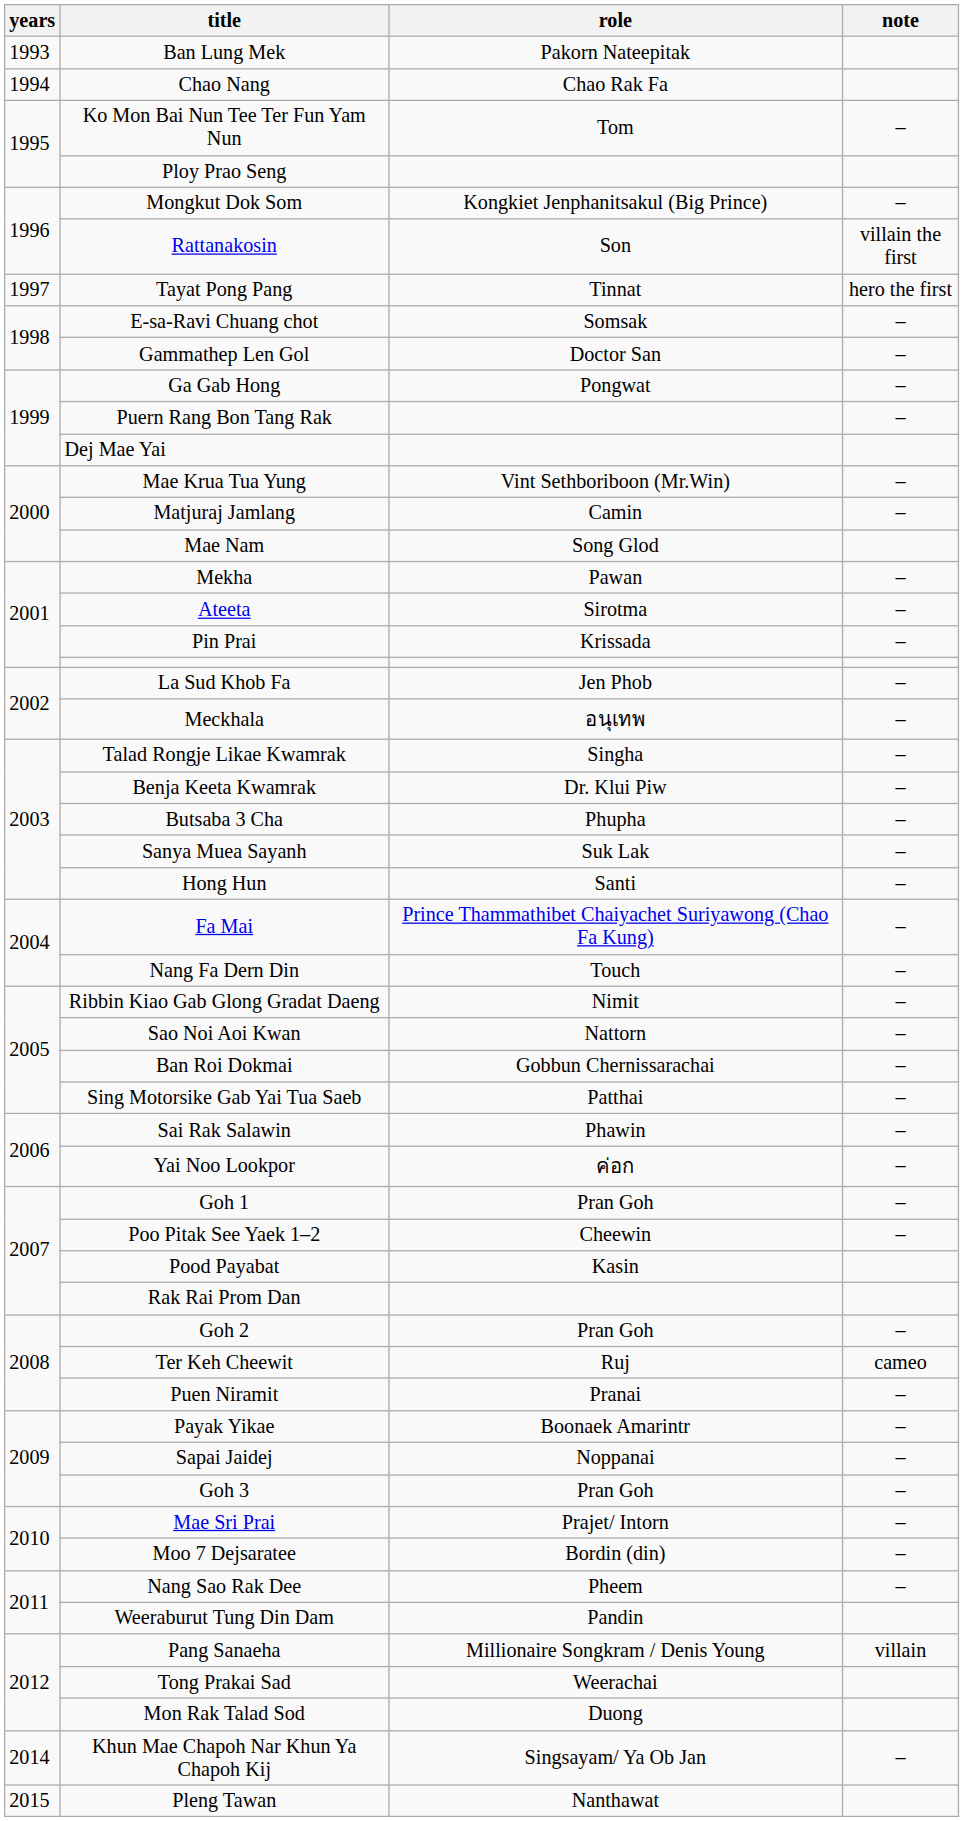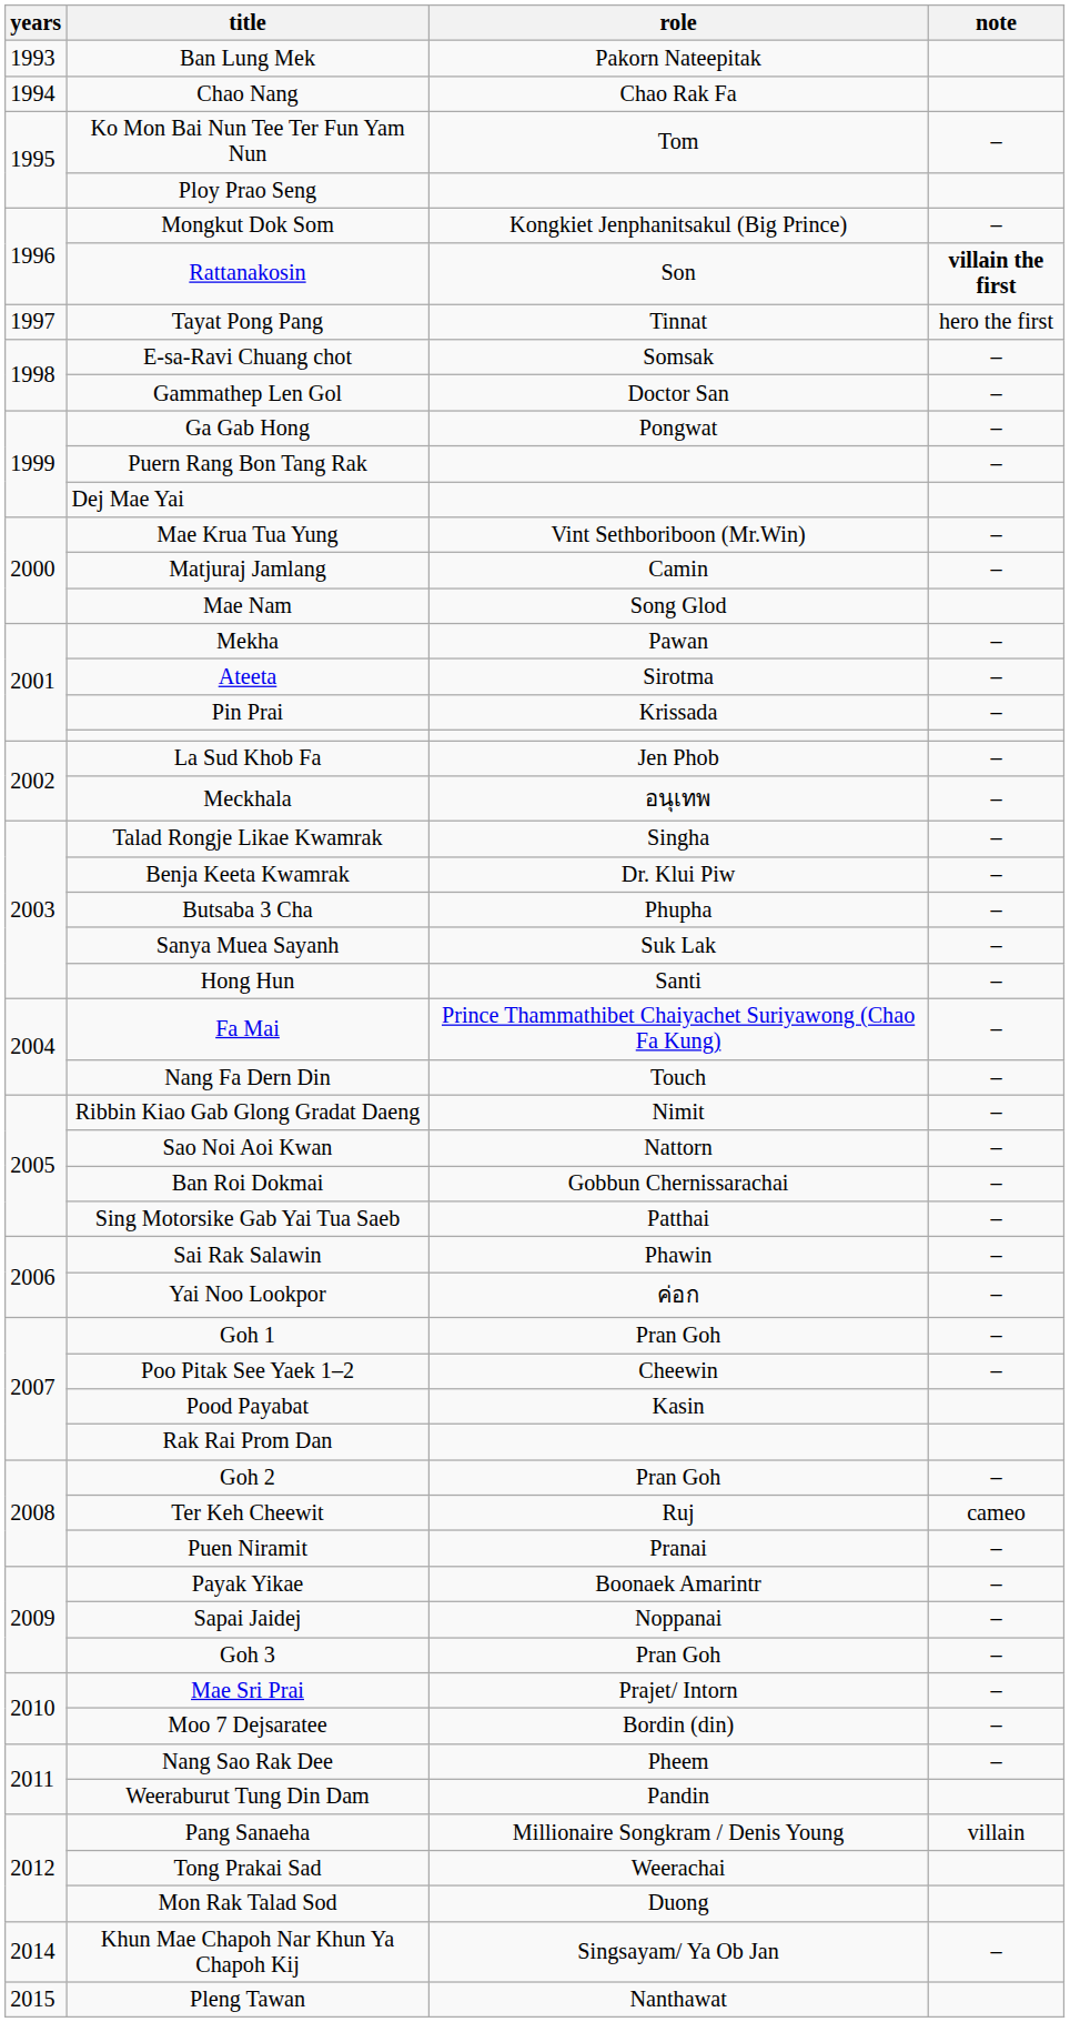 <table class="wikitable" width = 60%>
 <tr>
 <th>years</th>
 <th>title</th>
 <th>role</th>
 <th>note</th>
 </tr>
 <tr>
 <td>1993</td>
 <td align="center">Ban Lung Mek</td>
 <td align = "center">Pakorn Nateepitak</td>
 <td align = "center"></td>
 </tr>
 <tr>
 <td>1994</td>
 <td align="center">Chao Nang</td>
 <td align="center">Chao Rak Fa</td>
 <td align="center"></td>
 </tr>
 <tr>
 <td rowspan = "2">1995</td>
 <td align="center">Ko Mon Bai Nun Tee Ter Fun Yam Nun</td>
 <td align="center">Tom</td>
 <td align="center">–</td>
 </tr>
 <tr>
 <td align = "center">Ploy Prao Seng</td>
 <td align = "center"></td>
 <td align = "center"></td>
 </tr>
 <tr>
 <td rowspan = "2">1996</td>
 <td align = "center">Mongkut Dok Som</td>
 <td align="center">Kongkiet Jenphanitsakul (Big Prince)</td>
 <td align="center">–</td>
 </tr>
 <tr>
 <td align = "center"><a href='#'>Rattanakosin</a></td>
 <td align="center">Son</td>
-<td align="center">villain the first</td>
+<td align="center"><strong>villain the first</strong></td>
 </tr>
 <tr>
 <td rowspan = "1">1997</td>
 <td align="center">Tayat Pong Pang</td>
 <td align="center">Tinnat</td>
 <td align="center">hero the first</td>
 </tr>
 <tr>
 <td rowspan = "2">1998</td>
 <td align = "center">E-sa-Ravi Chuang chot</td>
 <td align="center">Somsak</td>
 <td align="center">–</td>
 </tr>
 <tr>
 <td align = "center">Gammathep Len Gol</td>
 <td align="center">Doctor San</td>
 <td align="center">–</td>
 </tr>
 <tr>
 <td rowspan = "3">1999</td>
 <td align="center">Ga Gab Hong</td>
 <td align="center">Pongwat</td>
 <td align="center">–</td>
 </tr>
 <tr>
 <td align = "center">Puern Rang Bon Tang Rak</td>
 <td align="center"></td>
 <td align="center">–</td>
 </tr>
 <tr>
 <td .align = "center">Dej Mae Yai</td>
 <td align = "center"></td>
 <td align = "center"></td>
 </tr>
 <tr>
 <td rowspan = "3">2000</td>
 <td align = "center">Mae Krua Tua Yung</td>
 <td align="center">Vint Sethboriboon (Mr.Win)</td>
 <td align="center">–</td>
 </tr>
 <tr>
 <td align = "center">Matjuraj Jamlang</td>
 <td align="center">Camin</td>
 <td align="center">–</td>
 </tr>
 <tr>
 <td align="center">Mae Nam</td>
 <td align="center">Song Glod</td>
 <td align="center"></td>
 </tr>
 <tr>
 <td rowspan = "4">2001</td>
 <td align = "center">Mekha</td>
 <td align="center">Pawan</td>
 <td align="center">–</td>
 </tr>
 <tr>
 <td align = "center"><a href='#'>Ateeta</a></td>
 <td align="center">Sirotma</td>
 <td align="center">–</td>
 </tr>
 <tr>
 <td align = "center">Pin Prai</td>
 <td align="center">Krissada</td>
 <td align="center">–</td>
 </tr>
 <tr>
 <td align = "Amazing Kok Charoen"></td>
 <td align = ""></td>
 <td align = ""></td>
 </tr>
 <tr>
 <td rowspan = "2">2002</td>
 <td align = "center">La Sud Khob Fa</td>
 <td align="center">Jen Phob</td>
 <td align="center">–</td>
 </tr>
 <tr>
 <td align = "center">Meckhala</td>
 <td align="center">อนุเทพ</td>
 <td align="center">–</td>
 </tr>
 <tr>
 <td rowspan = "5">2003</td>
 <td align = "center">Talad Rongje Likae Kwamrak</td>
 <td align="center">Singha</td>
 <td align="center">–</td>
 </tr>
 <tr>
 <td align = "center">Benja Keeta Kwamrak</td>
 <td align="center">Dr. Klui Piw</td>
 <td align="center">–</td>
 </tr>
 <tr>
 <td align = "center">Butsaba 3 Cha</td>
 <td align="center">Phupha</td>
 <td align="center">–</td>
 </tr>
 <tr>
 <td align = "center">Sanya Muea Sayanh</td>
 <td align="center">Suk Lak</td>
 <td align="center">–</td>
 </tr>
 <tr>
 <td align = "center">Hong Hun</td>
 <td align="center">Santi</td>
 <td align="center">–</td>
 </tr>
 <tr>
 <td rowspan = "2">2004</td>
 <td align = "center"><a href='#'>Fa Mai</a></td>
 <td align="center"><a href='#'>Prince Thammathibet Chaiyachet Suriyawong (Chao Fa Kung)</a></td>
 <td align="center">–</td>
 </tr>
 <tr>
 <td align = "center">Nang Fa Dern Din</td>
 <td align="center">Touch</td>
 <td align="center">–</td>
 </tr>
 <tr>
 <td rowspan = "4">2005</td>
 <td align = "center">Ribbin Kiao Gab Glong Gradat Daeng</td>
 <td align="center">Nimit</td>
 <td align="center">–</td>
 </tr>
 <tr>
 <td align = "center">Sao Noi Aoi Kwan</td>
 <td align="center">Nattorn</td>
 <td align="center">–</td>
 </tr>
 <tr>
 <td align = "center">Ban Roi Dokmai</td>
 <td align="center">Gobbun Chernissarachai</td>
 <td align="center">–</td>
 </tr>
 <tr>
 <td align = "center">Sing Motorsike Gab Yai Tua Saeb</td>
 <td align="center">Patthai</td>
 <td align="center">–</td>
 </tr>
 <tr>
 <td rowspan = "2">2006</td>
 <td align = "center">Sai Rak Salawin</td>
 <td align="center">Phawin</td>
 <td align="center">–</td>
 </tr>
 <tr>
 <td align = "center">Yai Noo Lookpor</td>
 <td align="center">ค่อก</td>
 <td align="center">–</td>
 </tr>
 <tr>
 <td rowspan = "4">2007</td>
 <td align = "center">Goh 1</td>
 <td align="center">Pran Goh</td>
 <td align="center">–</td>
 </tr>
 <tr>
 <td align = "center">Poo Pitak See Yaek 1–2</td>
 <td align="center">Cheewin</td>
 <td align="center">–</td>
 </tr>
 <tr>
 <td align = "center">Pood Payabat</td>
 <td align="center">Kasin</td>
 <td align="center"></td>
 </tr>
 <tr>
 <td align="center">Rak Rai Prom Dan</td>
 <td align="center"></td>
 <td align="center"></td>
 </tr>
 <tr>
 <td rowspan = "3">2008</td>
 <td align = "center">Goh 2</td>
 <td align="center">Pran Goh</td>
 <td align="center">–</td>
 </tr>
 <tr>
 <td align = "center">Ter Keh Cheewit</td>
 <td align="center">Ruj</td>
 <td align="center">cameo</td>
 </tr>
 <tr>
 <td align = "center">Puen Niramit</td>
 <td align="center">Pranai</td>
 <td align="center">–</td>
 </tr>
 <tr>
 <td rowspan = "3">2009</td>
 <td align = "center">Payak Yikae</td>
 <td align="center">Boonaek Amarintr</td>
 <td align="center">–</td>
 </tr>
 <tr>
 <td align = "center">Sapai Jaidej</td>
 <td align="center">Noppanai</td>
 <td align="center">–</td>
 </tr>
 <tr>
 <td align = "center">Goh 3</td>
 <td align="center">Pran Goh</td>
 <td align="center">–</td>
 </tr>
 <tr>
 <td rowspan = "2">2010</td>
 <td align = "center"><a href='#'>Mae Sri Prai</a></td>
 <td align="center">Prajet/ Intorn</td>
 <td align="center">–</td>
 </tr>
 <tr>
 <td align = "center">Moo 7 Dejsaratee</td>
 <td align="center">Bordin (din)</td>
 <td align="center">–</td>
 </tr>
 <tr>
 <td rowspan = "2">2011</td>
 <td align = "center">Nang Sao Rak Dee</td>
 <td align="center">Pheem</td>
 <td align="center">–</td>
 </tr>
 <tr>
 <td align = "center">Weeraburut Tung Din Dam</td>
 <td align="center">Pandin</td>
 <td align="center"></td>
 </tr>
 <tr>
 <td rowspan = "3">2012</td>
 <td align = "center">Pang Sanaeha</td>
 <td align="center">Millionaire Songkram / Denis Young</td>
 <td align="center">villain</td>
 </tr>
 <tr>
 <td align="center">Tong Prakai Sad</td>
 <td align="center">Weerachai</td>
 <td align="center"></td>
 </tr>
 <tr>
 <td align="center">Mon Rak Talad Sod</td>
 <td align="center">Duong</td>
 <td align="center"></td>
 </tr>
 <tr>
 <td rowspan = "1">2014</td>
 <td align = "center">Khun Mae Chapoh Nar Khun Ya Chapoh Kij</td>
 <td align="center">Singsayam/ Ya Ob Jan</td>
 <td align="center">–</td>
 </tr>
 <tr>
 <td rowspan = "1">2015</td>
 <td align = "center">Pleng Tawan</td>
 <td align="center">Nanthawat</td>
 <td align="center"></td>
 </tr>
 <tr>
 </tr>
 </table>
